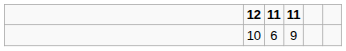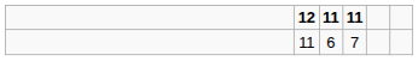 <table class="wikitable">
 <tr>
 <td style="width:18em"><strong></strong></td>
 <td align=center style="width:1em"><strong>12</strong></td>
 <td align=center style="width:1em"><strong>11</strong></td>
 <td align=center style="width:1em"><strong>11</strong></td>
 <td align=center style="width:1em"></td>
 <td align=center style="width:1em"></td>
 </tr>
 <tr>
 <td style="width:18em"></td>
-<td align=center style="width:1em">10</td>
+<td align=center style="width:1em">11</td>
 <td align=center style="width:1em">6</td>
-<td align=center style="width:1em">9</td>
+<td align=center style="width:1em">7</td>
 <td align=center style="width:1em"></td>
 <td align=center style="width:1em"></td>
 </tr>
 </table>
